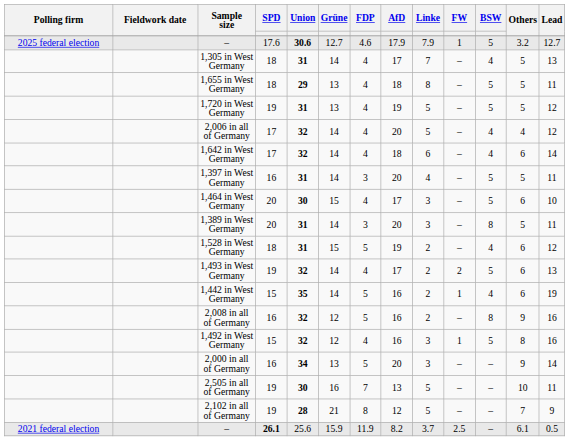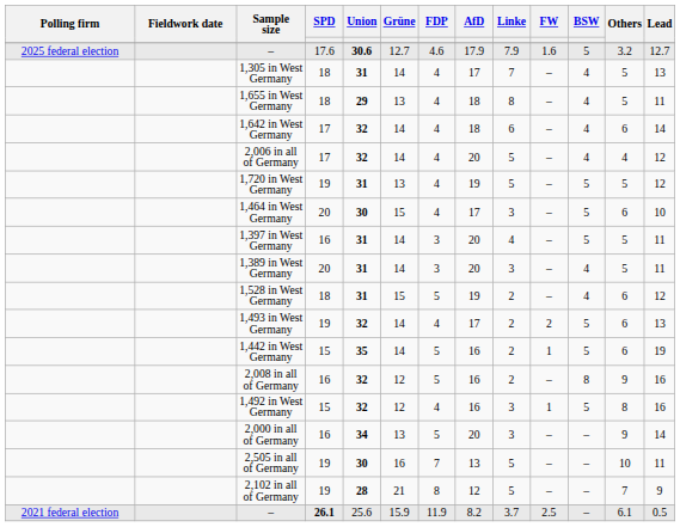 <table class="wikitable sortable mw-datatable mw-collapsible" style="text-align:center;font-size:90%;line-height:14px;">
 <tr style="height:40px;">
 <th style="width:155px;" rowspan="2">Polling firm</th>
 <th style="width:120px;" rowspan="2">Fieldwork date</th>
 <th style="width: 80px;" rowspan="2">Sample<br>size</th>
 <th class="unsortable" style="width:40px;"><a href='#'>SPD</a></th>
 <th class="unsortable" style="width:40px;"><a href='#'>Union</a></th>
 <th class="unsortable" style="width:40px;"><a href='#'>Grüne</a></th>
 <th class="unsortable" style="width:40px;"><a href='#'>FDP</a></th>
 <th class="unsortable" style="width:40px;"><a href='#'>AfD</a></th>
 <th class="unsortable" style="width:40px;"><a href='#'>Linke</a></th>
 <th class="unsortable" style="width:40px;"><a href='#'>FW</a></th>
 <th class="unsortable" style="width:40px;"><a href='#'>BSW</a></th>
 <th class="unsortable" style="width:30px;" rowspan="2">Others</th>
 <th style="width:30px;" rowspan="2">Lead</th>
 </tr>
 <tr>
 <th style="background:"></th>
 <th style="background:"></th>
 <th style="background:"></th>
 <th style="background:"></th>
 <th style="background:"></th>
 <th style="background:"></th>
 <th style="background:"></th>
 <th style="background:"></th>
 </tr>
 <tr>
 </tr>
 <tr style="background:#E9E9E9;">
 <td><a href='#'>2025 federal election</a></td>
 <td></td>
 <td>–</td>
 <td>17.6</td>
 <td><strong>30.6</strong></td>
 <td>12.7</td>
 <td>4.6</td>
 <td>17.9</td>
 <td>7.9</td>
-<td>1</td>
+<td>1.6</td>
 <td>5</td>
 <td>3.2</td>
 <td style="background:">12.7</td>
 </tr>
 <tr>
 <td></td>
 <td></td>
 <td>1,305 in West Germany</td>
 <td>18</td>
 <td><strong>31</strong></td>
 <td>14</td>
 <td>4</td>
 <td>17</td>
 <td>7</td>
 <td>–</td>
 <td>4</td>
 <td>5</td>
 <td style="background:">13</td>
 </tr>
 <tr>
 <td></td>
 <td></td>
 <td>1,655 in West Germany</td>
 <td>18</td>
 <td><strong>29</strong></td>
 <td>13</td>
 <td>4</td>
 <td>18</td>
 <td>8</td>
 <td>–</td>
-<td>5</td>
+<td>4</td>
 <td>5</td>
 <td style="background:">11</td>
+</tr>
+<tr>
+<td></td>
+<td></td>
+<td>1,642 in West Germany</td>
+<td>17</td>
+<td><strong>32</strong></td>
+<td>14</td>
+<td>4</td>
+<td>18</td>
+<td>6</td>
+<td>–</td>
+<td>4</td>
+<td>6</td>
+<td style="background:">14</td>
+</tr>
+<tr>
+<td></td>
+<td></td>
+<td>2,006 in all of Germany</td>
+<td>17</td>
+<td><strong>32</strong></td>
+<td>14</td>
+<td>4</td>
+<td>20</td>
+<td>5</td>
+<td>–</td>
+<td>4</td>
+<td>4</td>
+<td style="background:">12</td>
 </tr>
 <tr>
 <td></td>
 <td></td>
 <td>1,720 in West Germany</td>
 <td>19</td>
 <td><strong>31</strong></td>
 <td>13</td>
 <td>4</td>
 <td>19</td>
 <td>5</td>
 <td>–</td>
 <td>5</td>
 <td>5</td>
 <td style="background:">12</td>
 </tr>
 <tr>
 <td></td>
 <td></td>
-<td>2,006 in all of Germany</td>
+<td>1,464 in West Germany</td>
+<td>20</td>
+<td><strong>30</strong></td>
+<td>15</td>
+<td>4</td>
 <td>17</td>
-<td><strong>32</strong></td>
-<td>14</td>
-<td>4</td>
-<td>20</td>
+<td>3</td>
+<td>–</td>
 <td>5</td>
-<td>–</td>
-<td>4</td>
-<td>4</td>
-<td style="background:">12</td>
-</tr>
-<tr>
-<td></td>
-<td></td>
-<td>1,642 in West Germany</td>
-<td>17</td>
-<td><strong>32</strong></td>
-<td>14</td>
-<td>4</td>
-<td>18</td>
 <td>6</td>
-<td>–</td>
-<td>4</td>
-<td>6</td>
-<td style="background:">14</td>
+<td style="background:">10</td>
 </tr>
 <tr>
 <td></td>
 <td></td>
 <td>1,397 in West Germany</td>
 <td>16</td>
 <td><strong>31</strong></td>
 <td>14</td>
 <td>3</td>
 <td>20</td>
 <td>4</td>
 <td>–</td>
 <td>5</td>
 <td>5</td>
 <td style="background:">11</td>
 </tr>
 <tr>
 <td></td>
 <td></td>
-<td>1,464 in West Germany</td>
-<td>20</td>
-<td><strong>30</strong></td>
-<td>15</td>
-<td>4</td>
-<td>17</td>
-<td>3</td>
-<td>–</td>
-<td>5</td>
-<td>6</td>
-<td style="background:">10</td>
-</tr>
-<tr>
-<td></td>
-<td></td>
 <td>1,389 in West Germany</td>
 <td>20</td>
 <td><strong>31</strong></td>
 <td>14</td>
 <td>3</td>
 <td>20</td>
 <td>3</td>
 <td>–</td>
-<td>8</td>
+<td>4</td>
 <td>5</td>
 <td style="background:">11</td>
 </tr>
 <tr>
 <td></td>
 <td></td>
 <td>1,528 in West Germany</td>
 <td>18</td>
 <td><strong>31</strong></td>
 <td>15</td>
 <td>5</td>
 <td>19</td>
 <td>2</td>
 <td>–</td>
 <td>4</td>
 <td>6</td>
 <td style="background:">12</td>
 </tr>
 <tr>
 <td></td>
 <td></td>
 <td>1,493 in West Germany</td>
 <td>19</td>
 <td><strong>32</strong></td>
 <td>14</td>
 <td>4</td>
 <td>17</td>
 <td>2</td>
 <td>2</td>
 <td>5</td>
 <td>6</td>
 <td style="background:">13</td>
 </tr>
 <tr>
 <td></td>
 <td></td>
 <td>1,442 in West Germany</td>
 <td>15</td>
 <td><strong>35</strong></td>
 <td>14</td>
 <td>5</td>
 <td>16</td>
 <td>2</td>
 <td>1</td>
-<td>4</td>
+<td>5</td>
 <td>6</td>
 <td style="background:">19</td>
 </tr>
 <tr>
 <td></td>
 <td></td>
 <td>2,008 in all of Germany</td>
 <td>16</td>
 <td><strong>32</strong></td>
 <td>12</td>
 <td>5</td>
 <td>16</td>
 <td>2</td>
 <td>–</td>
 <td>8</td>
 <td>9</td>
 <td style="background:">16</td>
 </tr>
 <tr>
 <td></td>
 <td></td>
 <td>1,492 in West Germany</td>
 <td>15</td>
 <td><strong>32</strong></td>
 <td>12</td>
 <td>4</td>
 <td>16</td>
 <td>3</td>
 <td>1</td>
 <td>5</td>
 <td>8</td>
 <td style="background:">16</td>
 </tr>
 <tr>
 <td></td>
 <td></td>
 <td>2,000 in all of Germany</td>
 <td>16</td>
 <td><strong>34</strong></td>
 <td>13</td>
 <td>5</td>
 <td>20</td>
 <td>3</td>
 <td>–</td>
 <td>–</td>
 <td>9</td>
 <td style="background:">14</td>
 </tr>
 <tr>
 <td></td>
 <td></td>
 <td>2,505 in all of Germany</td>
 <td>19</td>
 <td><strong>30</strong></td>
 <td>16</td>
 <td>7</td>
 <td>13</td>
 <td>5</td>
 <td>–</td>
 <td>–</td>
 <td>10</td>
 <td style="background:">11</td>
 </tr>
 <tr>
 <td></td>
 <td></td>
 <td>2,102 in all of Germany</td>
 <td>19</td>
 <td><strong>28</strong></td>
 <td>21</td>
 <td>8</td>
 <td>12</td>
 <td>5</td>
 <td>–</td>
 <td>–</td>
 <td>7</td>
 <td style="background:">9</td>
 </tr>
 <tr style="background:#E9E9E9;">
 <td><a href='#'>2021 federal election</a></td>
 <td></td>
 <td>–</td>
 <td><strong>26.1</strong></td>
 <td>25.6</td>
 <td>15.9</td>
 <td>11.9</td>
 <td>8.2</td>
 <td>3.7</td>
 <td>2.5</td>
 <td>–</td>
 <td>6.1</td>
 <td style="background:">0.5</td>
 </tr>
 </table>
